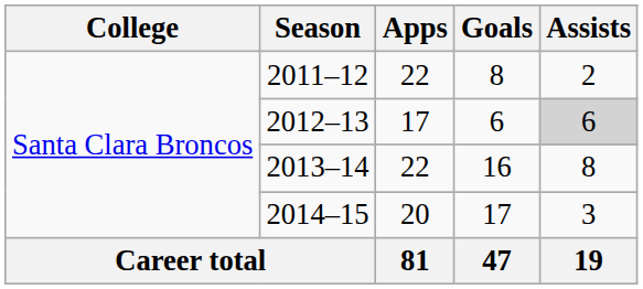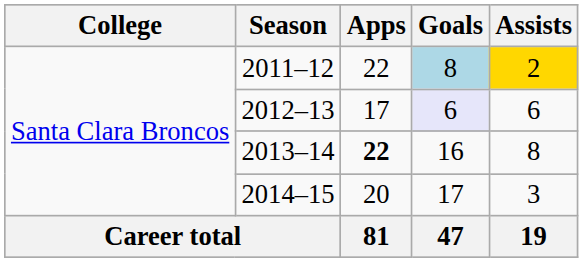 <table class="wikitable" style="text-align: center;">
 <tr>
 <th>College</th>
 <th>Season</th>
 <th>Apps</th>
 <th>Goals</th>
 <th>Assists</th>
 </tr>
 <tr>
 <td rowspan=4><a href='#'>Santa Clara Broncos</a></td>
 <td>2011–12</td>
 <td>22</td>
-<td>8</td>
-<td>2</td>
+<td style="background: lightblue;">8</td>
+<td style="background: gold;">2</td>
 </tr>
 <tr>
 <td>2012–13</td>
 <td>17</td>
+<td style="background: lavender;">6</td>
 <td>6</td>
-<td style="background: lightgrey;">6</td>
 </tr>
 <tr>
 <td>2013–14</td>
-<td>22</td>
+<td><strong>22</strong></td>
 <td>16</td>
 <td>8</td>
 </tr>
 <tr>
 <td>2014–15</td>
 <td>20</td>
 <td>17</td>
 <td>3</td>
 </tr>
 <tr>
 <th colspan=2>Career total</th>
 <th>81</th>
 <th>47</th>
 <th>19</th>
 </tr>
 </table>
